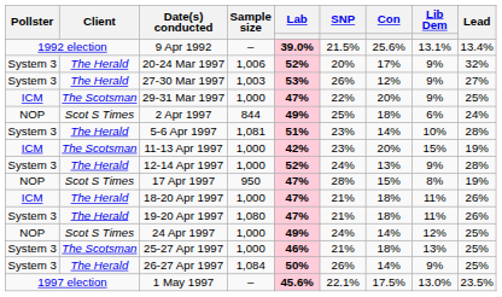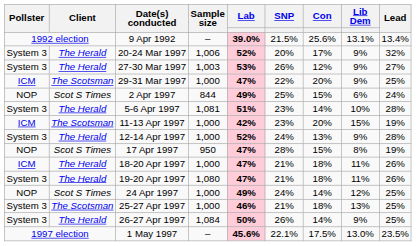 <table class="wikitable sortable mw-datatable" style="text-align:center;font-size:90%;line-height:14px;">
 <tr>
 <th rowspan="2">Pollster</th>
 <th rowspan="2">Client</th>
 <th rowspan="2">Date(s)<br>conducted</th>
 <th rowspan="2" data-sort-type="number">Sample<br>size</th>
 <th class="unsortable" style="width:50px;"><a href='#'>Lab</a></th>
 <th class="unsortable" style="width:50px;"><a href='#'>SNP</a></th>
 <th class="unsortable" style="width:50px;"><a href='#'>Con</a></th>
 <th class="unsortable" style="width:50px;"><a href='#'>Lib Dem</a></th>
 <th rowspan="2" data-sort-type="number">Lead</th>
 </tr>
 <tr>
 <th data-sort-type="number" style="background:"></th>
 <th data-sort-type="number" style="background:"></th>
 <th data-sort-type="number" style="background:"></th>
 <th data-sort-type="number" style="background:"></th>
 </tr>
 <tr>
 <td colspan = "2"><a href='#'>1992 election</a></td>
 <td>9 Apr 1992</td>
 <td>–</td>
 <td style="background:#FFCCDA;"><strong>39.0%</strong></td>
 <td>21.5%</td>
 <td>25.6%</td>
 <td>13.1%</td>
 <td style="background:">13.4%</td>
 </tr>
 <tr>
 <td>System 3</td>
 <td><em><a href='#'>The Herald</a></em></td>
 <td>20-24 Mar 1997</td>
 <td>1,006</td>
 <td style="background:#FFCCDA;"><strong>52%</strong></td>
 <td>20%</td>
 <td>17%</td>
 <td>9%</td>
 <td style="background:">32%</td>
 </tr>
 <tr>
 <td>System 3</td>
 <td><em><a href='#'>The Herald</a></em></td>
 <td>27-30 Mar 1997</td>
 <td>1,003</td>
 <td style="background:#FFCCDA;"><strong>53%</strong></td>
 <td>26%</td>
 <td>12%</td>
 <td>9%</td>
 <td style="background:">27%</td>
 </tr>
 <tr>
 <td><a href='#'>ICM</a></td>
 <td><em><a href='#'>The Scotsman</a></em></td>
 <td>29-31 Mar 1997</td>
 <td>1,000</td>
 <td style="background:#FFCCDA;"><strong>47%</strong></td>
 <td>22%</td>
 <td>20%</td>
 <td>9%</td>
 <td style="background:">25%</td>
 </tr>
 <tr>
 <td>NOP</td>
 <td><em>Scot S Times</em></td>
 <td>2 Apr 1997</td>
 <td>844</td>
 <td style="background:#FFCCDA;"><strong>49%</strong></td>
 <td>25%</td>
-<td>18%</td>
+<td>15%</td>
 <td>6%</td>
 <td style="background:">24%</td>
 </tr>
 <tr>
 <td>System 3</td>
 <td><em><a href='#'>The Herald</a></em></td>
 <td>5-6 Apr 1997</td>
 <td>1,081</td>
 <td style="background:#FFCCDA;"><strong>51%</strong></td>
 <td>23%</td>
 <td>14%</td>
 <td>10%</td>
 <td style="background:">28%</td>
 </tr>
 <tr>
 <td><a href='#'>ICM</a></td>
 <td><em><a href='#'>The Scotsman</a></em></td>
 <td>11-13 Apr 1997</td>
 <td>1,000</td>
 <td style="background:#FFCCDA;"><strong>42%</strong></td>
 <td>23%</td>
 <td>20%</td>
 <td>15%</td>
 <td style="background:">19%</td>
 </tr>
 <tr>
 <td>System 3</td>
 <td><em><a href='#'>The Herald</a></em></td>
 <td>12-14 Apr 1997</td>
 <td>1,000</td>
 <td style="background:#FFCCDA;"><strong>52%</strong></td>
 <td>24%</td>
 <td>13%</td>
 <td>9%</td>
 <td style="background:">28%</td>
 </tr>
 <tr>
 <td>NOP</td>
 <td><em>Scot S Times</em></td>
 <td>17 Apr 1997</td>
 <td>950</td>
 <td style="background:#FFCCDA;"><strong>47%</strong></td>
 <td>28%</td>
 <td>15%</td>
 <td>8%</td>
 <td style="background:">19%</td>
 </tr>
 <tr>
 <td><a href='#'>ICM</a></td>
 <td><em><a href='#'>The Herald</a></em></td>
 <td>18-20 Apr 1997</td>
 <td>1,000</td>
 <td style="background:#FFCCDA;"><strong>47%</strong></td>
 <td>21%</td>
 <td>18%</td>
 <td>11%</td>
 <td style="background:">26%</td>
 </tr>
 <tr>
 <td>System 3</td>
 <td><em><a href='#'>The Herald</a></em></td>
 <td>19-20 Apr 1997</td>
 <td>1,080</td>
 <td style="background:#FFCCDA;"><strong>47%</strong></td>
 <td>21%</td>
 <td>18%</td>
 <td>11%</td>
 <td style="background:">26%</td>
 </tr>
 <tr>
 <td>NOP</td>
 <td><em>Scot S Times</em></td>
 <td>24 Apr 1997</td>
 <td>1,000</td>
 <td style="background:#FFCCDA;"><strong>49%</strong></td>
 <td>24%</td>
 <td>14%</td>
 <td>12%</td>
 <td style="background:">25%</td>
 </tr>
 <tr>
 <td>System 3</td>
 <td><em><a href='#'>The Scotsman</a></em></td>
 <td>25-27 Apr 1997</td>
 <td>1,000</td>
 <td style="background:#FFCCDA;"><strong>46%</strong></td>
 <td>21%</td>
 <td>18%</td>
 <td>13%</td>
 <td style="background:">25%</td>
 </tr>
 <tr>
 <td>System 3</td>
 <td><em><a href='#'>The Herald</a></em></td>
 <td>26-27 Apr 1997</td>
 <td>1,084</td>
 <td style="background:#FFCCDA;"><strong>50%</strong></td>
 <td>26%</td>
 <td>14%</td>
 <td>9%</td>
 <td style="background:">25%</td>
 </tr>
 <tr>
 <td colspan = "2"><a href='#'>1997 election</a></td>
 <td>1 May 1997</td>
 <td>–</td>
 <td style="background:#FFCCDA;"><strong>45.6%</strong></td>
 <td>22.1%</td>
 <td>17.5%</td>
 <td>13.0%</td>
 <td style="background:">23.5%</td>
 </tr>
 </table>
